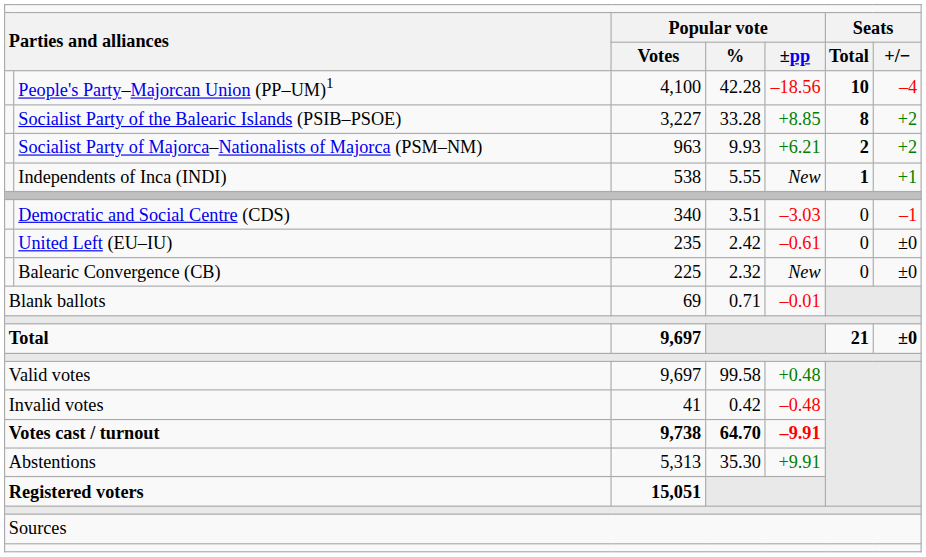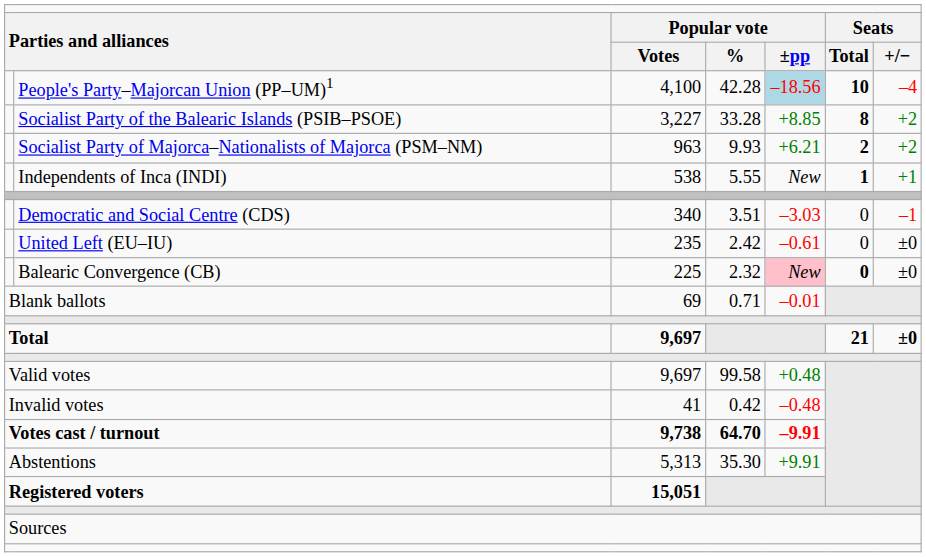 <table class="wikitable" style="text-align:right;">
 <tr>
 <td colspan="7"></td>
 </tr>
 <tr>
 <th style="text-align:left;" rowspan="2" colspan="2" width="525">Parties and alliances</th>
 <th colspan="3">Popular vote</th>
 <th colspan="2">Seats</th>
 </tr>
 <tr>
 <th width="75">Votes</th>
 <th width="45">%</th>
 <th width="45">±<a href='#'>pp</a></th>
 <th width="35">Total</th>
 <th width="35">+/−</th>
 </tr>
 <tr>
 <td width="1" style="color:inherit;background:"></td>
 <td align="left"><a href='#'>People's Party</a>–<a href='#'>Majorcan Union</a> (PP–UM)<sup>1</sup></td>
 <td>4,100</td>
 <td>42.28</td>
-<td style="color:red;">–18.56</td>
+<td style="background: lightblue; color:red;">–18.56</td>
 <td><strong>10</strong></td>
 <td style="color:red;">–4</td>
 </tr>
 <tr>
 <td style="color:inherit;background:"></td>
 <td align="left"><a href='#'>Socialist Party of the Balearic Islands</a> (PSIB–PSOE)</td>
 <td>3,227</td>
 <td>33.28</td>
 <td style="color:green;">+8.85</td>
 <td><strong>8</strong></td>
 <td style="color:green;">+2</td>
 </tr>
 <tr>
 <td style="color:inherit;background:"></td>
 <td align="left"><a href='#'>Socialist Party of Majorca</a>–<a href='#'>Nationalists of Majorca</a> (PSM–NM)</td>
 <td>963</td>
 <td>9.93</td>
 <td style="color:green;">+6.21</td>
 <td><strong>2</strong></td>
 <td style="color:green;">+2</td>
 </tr>
 <tr>
 <td style="color:inherit;background:"></td>
 <td align="left">Independents of Inca (INDI)</td>
 <td>538</td>
 <td>5.55</td>
 <td><em>New</em></td>
 <td><strong>1</strong></td>
 <td style="color:green;">+1</td>
 </tr>
 <tr>
 <td colspan="7" bgcolor="#C0C0C0"></td>
 </tr>
 <tr>
 <td style="color:inherit;background:"></td>
 <td align="left"><a href='#'>Democratic and Social Centre</a> (CDS)</td>
 <td>340</td>
 <td>3.51</td>
 <td style="color:red;">–3.03</td>
 <td>0</td>
 <td style="color:red;">–1</td>
 </tr>
 <tr>
 <td style="color:inherit;background:"></td>
 <td align="left"><a href='#'>United Left</a> (EU–IU)</td>
 <td>235</td>
 <td>2.42</td>
 <td style="color:red;">–0.61</td>
 <td>0</td>
 <td>±0</td>
 </tr>
 <tr>
 <td style="color:inherit;background:"></td>
 <td align="left">Balearic Convergence (CB)</td>
 <td>225</td>
 <td>2.32</td>
-<td><em>New</em></td>
-<td>0</td>
+<td style="background: pink;"><em>New</em></td>
+<td><strong>0</strong></td>
 <td>±0</td>
 </tr>
 <tr>
 <td align="left" colspan="2">Blank ballots</td>
 <td>69</td>
 <td>0.71</td>
 <td style="color:red;">–0.01</td>
 <td bgcolor="#E9E9E9" colspan="2"></td>
 </tr>
 <tr>
 <td colspan="7" bgcolor="#E9E9E9"></td>
 </tr>
 <tr style="font-weight:bold;">
 <td align="left" colspan="2">Total</td>
 <td>9,697</td>
 <td bgcolor="#E9E9E9" colspan="2"></td>
 <td>21</td>
 <td>±0</td>
 </tr>
 <tr>
 <td colspan="7" bgcolor="#E9E9E9"></td>
 </tr>
 <tr>
 <td align="left" colspan="2">Valid votes</td>
 <td>9,697</td>
 <td>99.58</td>
 <td style="color:green;">+0.48</td>
 <td bgcolor="#E9E9E9" colspan="2" rowspan="5"></td>
 </tr>
 <tr>
 <td align="left" colspan="2">Invalid votes</td>
 <td>41</td>
 <td>0.42</td>
 <td style="color:red;">–0.48</td>
 </tr>
 <tr style="font-weight:bold;">
 <td align="left" colspan="2">Votes cast / turnout</td>
 <td>9,738</td>
 <td>64.70</td>
 <td style="color:red;">–9.91</td>
 </tr>
 <tr>
 <td align="left" colspan="2">Abstentions</td>
 <td>5,313</td>
 <td>35.30</td>
 <td style="color:green;">+9.91</td>
 </tr>
 <tr style="font-weight:bold;">
 <td align="left" colspan="2">Registered voters</td>
 <td>15,051</td>
 <td bgcolor="#E9E9E9" colspan="2"></td>
 </tr>
 <tr>
 <td colspan="7" bgcolor="#E9E9E9"></td>
 </tr>
 <tr>
 <td align="left" colspan="7">Sources</td>
 </tr>
 <tr>
 <td colspan="7" style="text-align:left; max-width:790px;"></td>
 </tr>
 </table>
